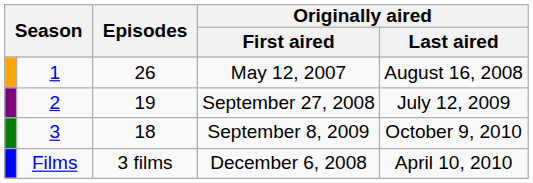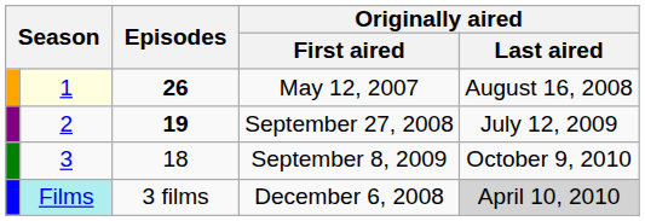 <table class="wikitable">
 <tr>
 <th style="padding: 0px 8px" rowspan="2" colspan="2">Season</th>
 <th style="padding: 0px 8px" rowspan="2">Episodes</th>
 <th style="padding: 0px 80px" colspan="2">Originally aired</th>
 </tr>
 <tr>
 <th>First aired</th>
 <th>Last aired</th>
 </tr>
 <tr>
 <td style="background:orange; color: #100; text-align: center; top"></td>
-<td style="text-align: center; top"><a href='#'>1</a></td>
-<td style="text-align: center; top">26</td>
+<td style="background: lightyellow; text-align: center; top"><a href='#'>1</a></td>
+<td style="text-align: center; top"><strong>26</strong></td>
 <td style="text-align: center; top">May 12, 2007</td>
 <td style="text-align: center; top">August 16, 2008</td>
 </tr>
 <tr>
 <td style="background:purple; color: #100; text-align: center; top"></td>
 <td style="text-align: center; top"><a href='#'>2</a></td>
-<td style="text-align: center; top">19</td>
+<td style="text-align: center; top"><strong>19</strong></td>
 <td style="text-align: center; top">September 27, 2008</td>
 <td style="text-align: center; top">July 12, 2009</td>
 </tr>
 <tr>
 <td style="background:green; color: #100; text-align: center; top"></td>
 <td style="text-align: center; top"><a href='#'>3</a></td>
 <td style="text-align: center; top">18</td>
 <td style="text-align: center; top">September 8, 2009</td>
 <td style="text-align: center; top">October 9, 2010</td>
 </tr>
 <tr>
 <td style="background:blue; color: #100; text-align: center; top"></td>
-<td style="text-align: center; top"><a href='#'>Films</a></td>
+<td style="background: paleturquoise; text-align: center; top"><a href='#'>Films</a></td>
 <td style="text-align: center; top">3 films</td>
 <td style="text-align: center; top">December 6, 2008</td>
-<td style="text-align: center; top">April 10, 2010</td>
+<td style="background: lightgrey; text-align: center; top">April 10, 2010</td>
 </tr>
 </table>
